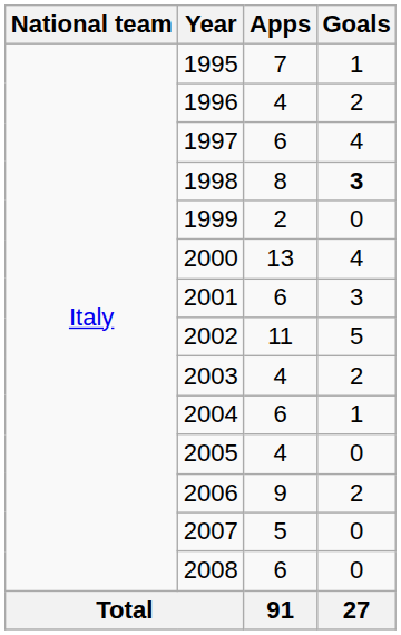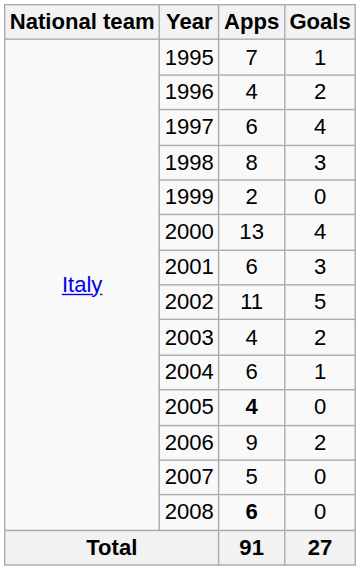 <table class="wikitable" style="text-align:center">
 <tr>
 <th>National team</th>
 <th>Year</th>
 <th>Apps</th>
 <th>Goals</th>
 </tr>
 <tr>
 <td rowspan="14"><a href='#'>Italy</a></td>
 <td>1995</td>
 <td>7</td>
 <td>1</td>
 </tr>
 <tr>
 <td>1996</td>
 <td>4</td>
 <td>2</td>
 </tr>
 <tr>
 <td>1997</td>
 <td>6</td>
 <td>4</td>
 </tr>
 <tr>
 <td>1998</td>
 <td>8</td>
-<td><strong>3</strong></td>
+<td>3</td>
 </tr>
 <tr>
 <td>1999</td>
 <td>2</td>
 <td>0</td>
 </tr>
 <tr>
 <td>2000</td>
 <td>13</td>
 <td>4</td>
 </tr>
 <tr>
 <td>2001</td>
 <td>6</td>
 <td>3</td>
 </tr>
 <tr>
 <td>2002</td>
 <td>11</td>
 <td>5</td>
 </tr>
 <tr>
 <td>2003</td>
 <td>4</td>
 <td>2</td>
 </tr>
 <tr>
 <td>2004</td>
 <td>6</td>
 <td>1</td>
 </tr>
 <tr>
 <td>2005</td>
-<td>4</td>
+<td><strong>4</strong></td>
 <td>0</td>
 </tr>
 <tr>
 <td>2006</td>
 <td>9</td>
 <td>2</td>
 </tr>
 <tr>
 <td>2007</td>
 <td>5</td>
 <td>0</td>
 </tr>
 <tr>
 <td>2008</td>
-<td>6</td>
+<td><strong>6</strong></td>
 <td>0</td>
 </tr>
 <tr>
 <th colspan="2">Total</th>
 <th>91</th>
 <th>27</th>
 </tr>
 </table>
